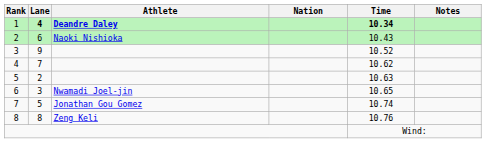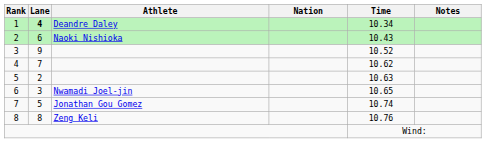 <table class="wikitable sortable" style="text-align:center;width: 60%;">
 <tr>
 <th scope="col" style="width: 10px;">Rank</th>
 <th scope="col" style="width: 10px;">Lane</th>
 <th scope="col">Athlete</th>
 <th scope="col">Nation</th>
 <th scope="col">Time</th>
 <th scope="col">Notes</th>
 </tr>
 <tr bgcolor=bbf3bb>
 <td>1</td>
 <td><strong>4</strong></td>
-<td align=left><strong><a href='#'>Deandre Daley</a></strong></td>
+<td align=left><a href='#'>Deandre Daley</a></td>
 <td align=left></td>
-<td><strong>10.34</strong></td>
+<td>10.34</td>
 <td></td>
 </tr>
 <tr bgcolor=bbf3bb>
 <td>2</td>
 <td>6</td>
 <td align=left><a href='#'>Naoki Nishioka</a></td>
 <td align=left></td>
 <td>10.43</td>
 <td></td>
 </tr>
 <tr>
 <td>3</td>
 <td>9</td>
 <td align=left></td>
 <td align=left></td>
 <td>10.52</td>
 <td></td>
 </tr>
 <tr>
 <td>4</td>
 <td>7</td>
 <td align=left></td>
 <td align=left></td>
 <td>10.62</td>
 <td></td>
 </tr>
 <tr>
 <td>5</td>
 <td>2</td>
 <td align=left></td>
 <td align=left></td>
 <td>10.63</td>
 <td></td>
 </tr>
 <tr>
 <td>6</td>
 <td>3</td>
 <td align=left><a href='#'>Nwamadi Joel-jin</a></td>
 <td align=left></td>
 <td>10.65</td>
 <td></td>
 </tr>
 <tr>
 <td>7</td>
 <td>5</td>
 <td align=left><a href='#'>Jonathan Gou Gomez</a></td>
 <td align=left></td>
 <td>10.74</td>
 <td></td>
 </tr>
 <tr>
 <td>8</td>
 <td>8</td>
 <td align=left><a href='#'>Zeng Keli</a></td>
 <td align=left></td>
 <td>10.76</td>
 <td></td>
 </tr>
 <tr class="sortbottom">
 <td colspan="4"></td>
 <td colspan="2">Wind: </td>
 </tr>
 </table>
